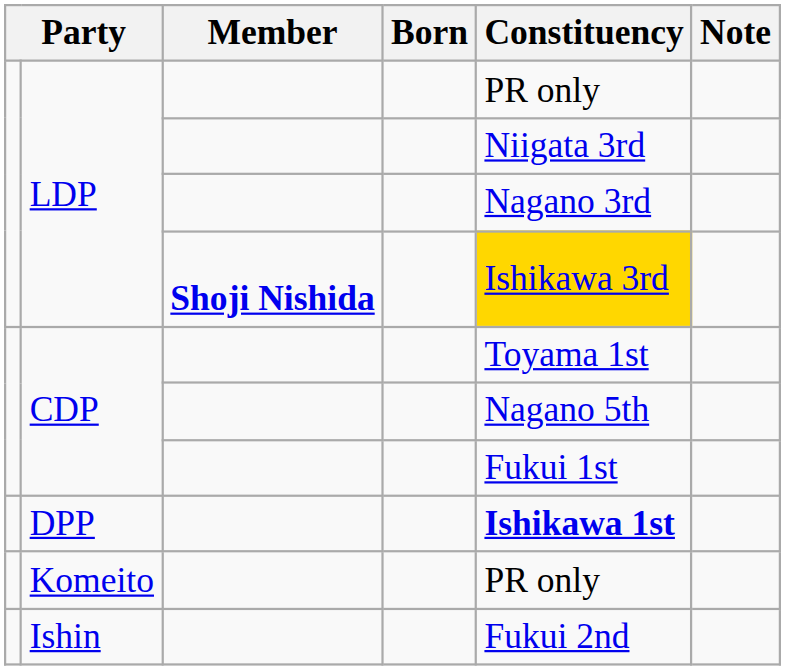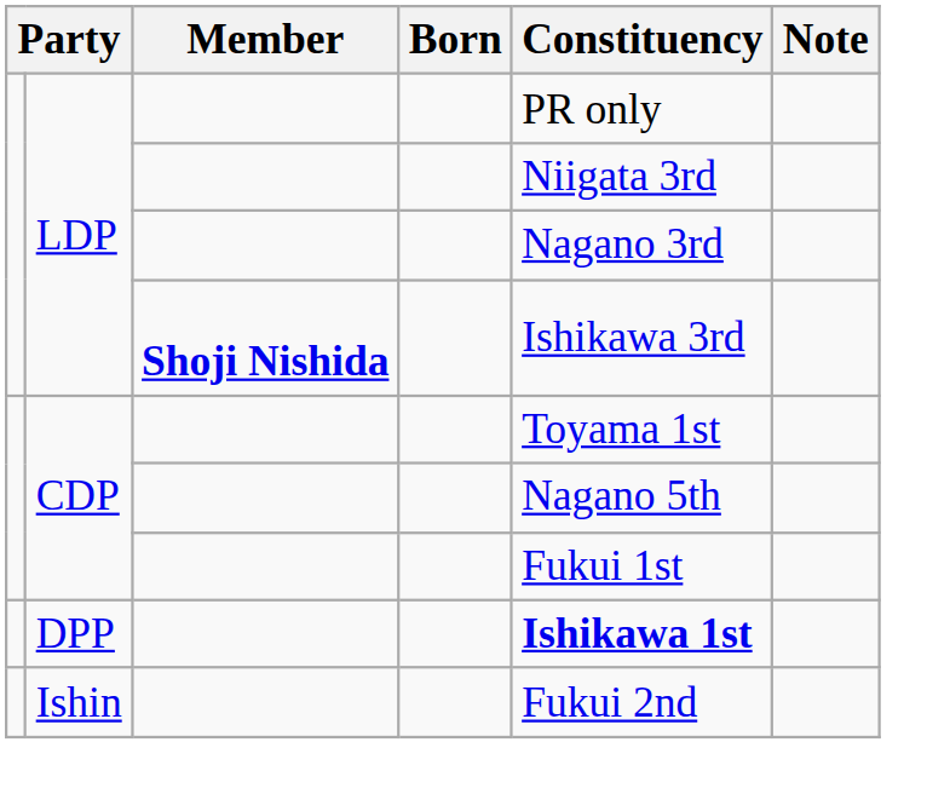 <table class="wikitable">
 <tr>
 <th colspan=2>Party</th>
 <th>Member</th>
 <th>Born</th>
 <th>Constituency</th>
 <th>Note</th>
 </tr>
 <tr>
 <td rowspan=4 style="background-color:"></td>
 <td rowspan=4><a href='#'>LDP</a></td>
 <td><br><strong></strong></td>
 <td></td>
 <td>PR only</td>
 <td></td>
 </tr>
 <tr>
 <td><br><strong></strong></td>
 <td></td>
 <td><a href='#'>Niigata 3rd</a></td>
 <td></td>
 </tr>
 <tr>
 <td><br><strong></strong></td>
 <td></td>
 <td><a href='#'>Nagano 3rd</a></td>
 <td></td>
 </tr>
 <tr>
 <td><br><strong><a href='#'>Shoji Nishida</a></strong></td>
 <td></td>
-<td style="background: gold;"><a href='#'>Ishikawa 3rd</a></td>
+<td><a href='#'>Ishikawa 3rd</a></td>
 <td></td>
 </tr>
 <tr>
 <td rowspan=3 style="background-color:"></td>
 <td rowspan=3><a href='#'>CDP</a></td>
 <td><strong></strong></td>
 <td></td>
 <td><a href='#'>Toyama 1st</a></td>
 <td></td>
 </tr>
 <tr>
 <td><strong></strong></td>
 <td></td>
 <td><a href='#'>Nagano 5th</a></td>
 <td></td>
 </tr>
 <tr>
 <td><strong></strong></td>
 <td></td>
 <td><a href='#'>Fukui 1st</a></td>
 <td></td>
 </tr>
 <tr>
 <td style="background-color:"></td>
 <td><a href='#'>DPP</a></td>
 <td><strong></strong></td>
 <td></td>
 <td><strong><a href='#'>Ishikawa 1st</a></strong></td>
 <td></td>
 </tr>
 <tr>
 <td style="background-color:"></td>
-<td><a href='#'>Komeito</a></td>
-<td><strong></strong></td>
-<td></td>
-<td>PR only</td>
-<td></td>
-</tr>
-<tr>
-<td style="background-color:"></td>
 <td><a href='#'>Ishin</a></td>
 <td><strong></strong></td>
 <td></td>
 <td><a href='#'>Fukui 2nd</a></td>
 <td></td>
 </tr>
 </table>
